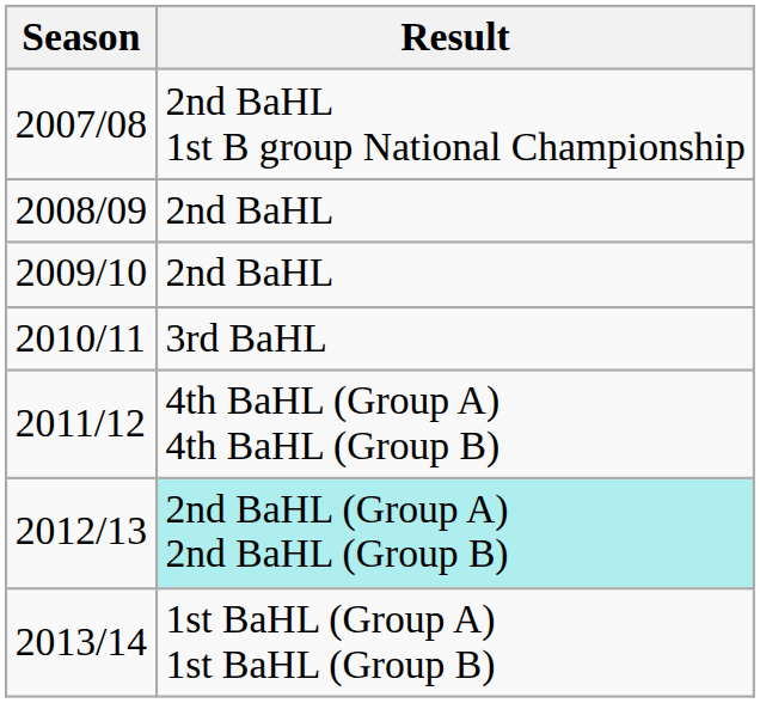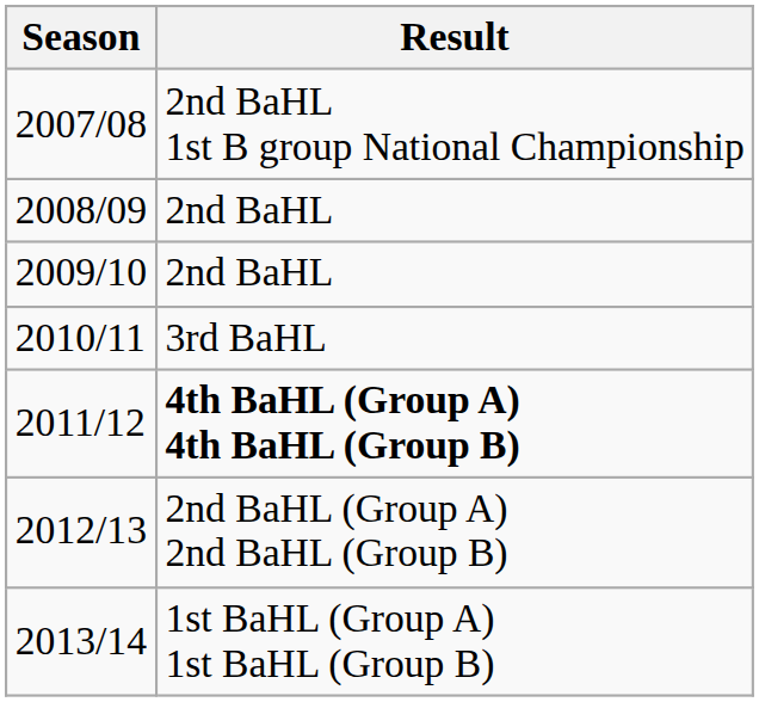 <table class="wikitable">
 <tr>
 <th>Season</th>
 <th>Result</th>
 </tr>
 <tr>
 <td>2007/08</td>
 <td>2nd BaHL<br>1st B group National Championship</td>
 </tr>
 <tr>
 <td>2008/09</td>
 <td>2nd BaHL</td>
 </tr>
 <tr>
 <td>2009/10</td>
 <td>2nd BaHL</td>
 </tr>
 <tr>
 <td>2010/11</td>
 <td>3rd BaHL</td>
 </tr>
 <tr>
 <td>2011/12</td>
-<td>4th BaHL (Group A)<br>4th BaHL (Group B)</td>
+<td><strong>4th BaHL (Group A)<br>4th BaHL (Group B)</strong></td>
 </tr>
 <tr>
 <td>2012/13</td>
-<td style="background: paleturquoise;">2nd BaHL (Group A)<br>2nd BaHL (Group B)</td>
+<td>2nd BaHL (Group A)<br>2nd BaHL (Group B)</td>
 </tr>
 <tr>
 <td>2013/14</td>
 <td>1st BaHL (Group A)<br>1st BaHL (Group B)</td>
 </tr>
 </table>
